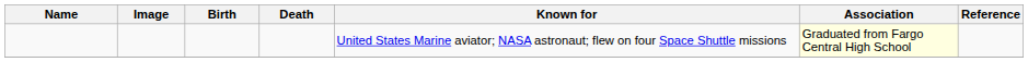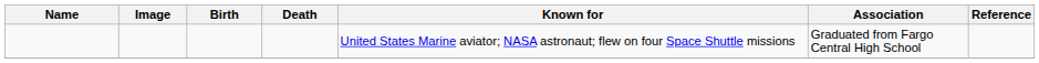 <table class="wikitable sortable">
 <tr>
 <th scope="col" width="140">Name</th>
 <th scope="col" width="80" class="unsortable">Image</th>
 <th scope="col" width="90">Birth</th>
 <th scope="col" width="90">Death</th>
 <th scope="col" width="600" class="unsortable">Known for</th>
 <th scope="col" width="200" class="unsortable">Association</th>
 <th scope="col" width="30" class="unsortable">Reference</th>
 </tr>
 <tr>
 <td></td>
 <td></td>
 <td align=right></td>
 <td></td>
 <td><a href='#'>United States Marine</a> aviator; <a href='#'>NASA</a> astronaut; flew on four <a href='#'>Space Shuttle</a> missions</td>
-<td style="background: lightyellow;">Graduated from Fargo Central High School</td>
+<td>Graduated from Fargo Central High School</td>
 <td align="center"></td>
 </tr>
 <tr>
 </tr>
 </table>
